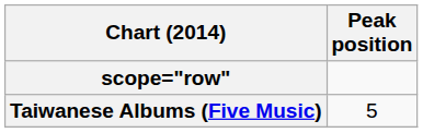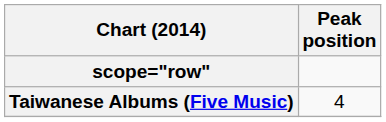 <table class="wikitable sortable plainrowheaders" style="text-align:center">
 <tr>
 <th scope="col">Chart (2014)</th>
 <th scope="col">Peak<br>position</th>
 </tr>
 <tr>
 <th>scope="row"</th>
 </tr>
 <tr>
 <th scope="row">Taiwanese Albums (<a href='#'>Five Music</a>)</th>
-<td style="text-align:center;">5</td>
+<td style="text-align:center;">4</td>
 </tr>
 <tr>
 </tr>
 </table>
